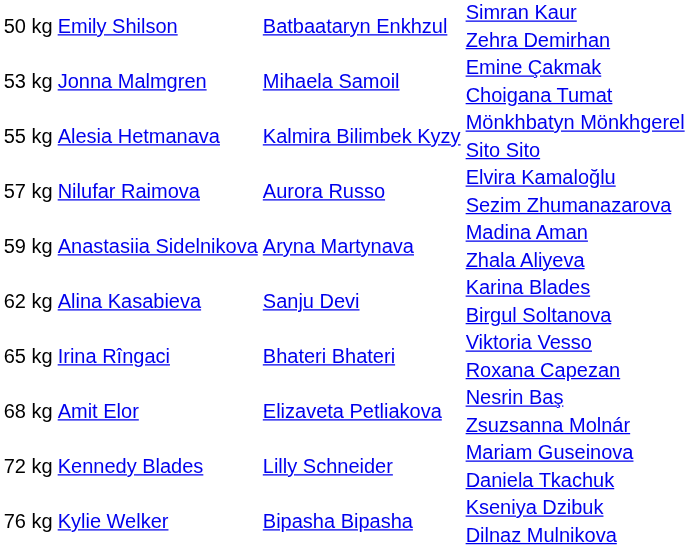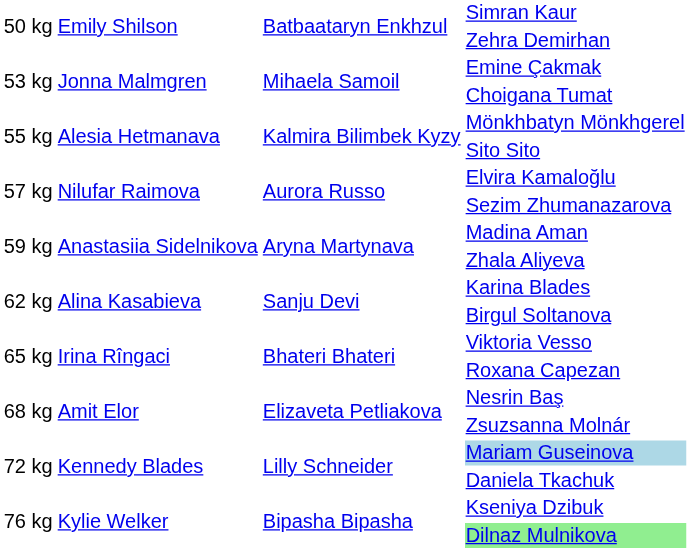 <table>
 <tr>
 <td rowspan=2>50 kg</td>
 <td rowspan=2> <a href='#'>Emily Shilson</a></td>
 <td rowspan=2> <a href='#'>Batbaataryn Enkhzul</a></td>
 <td> <a href='#'>Simran Kaur</a></td>
 </tr>
 <tr>
 <td> <a href='#'>Zehra Demirhan</a></td>
 </tr>
 <tr>
 <td rowspan=2>53 kg</td>
 <td rowspan=2> <a href='#'>Jonna Malmgren</a></td>
 <td rowspan=2> <a href='#'>Mihaela Samoil</a></td>
 <td> <a href='#'>Emine Çakmak</a></td>
 </tr>
 <tr>
 <td> <a href='#'>Choigana Tumat</a></td>
 </tr>
 <tr>
 <td rowspan=2>55 kg</td>
 <td rowspan=2> <a href='#'>Alesia Hetmanava</a></td>
 <td rowspan=2> <a href='#'>Kalmira Bilimbek Kyzy</a></td>
 <td> <a href='#'>Mönkhbatyn Mönkhgerel</a></td>
 </tr>
 <tr>
 <td> <a href='#'>Sito Sito</a></td>
 </tr>
 <tr>
 <td rowspan=2>57 kg</td>
 <td rowspan=2> <a href='#'>Nilufar Raimova</a></td>
 <td rowspan=2> <a href='#'>Aurora Russo</a></td>
 <td> <a href='#'>Elvira Kamaloğlu</a></td>
 </tr>
 <tr>
 <td> <a href='#'>Sezim Zhumanazarova</a></td>
 </tr>
 <tr>
 <td rowspan=2>59 kg</td>
 <td rowspan=2> <a href='#'>Anastasiia Sidelnikova</a></td>
 <td rowspan=2> <a href='#'>Aryna Martynava</a></td>
 <td> <a href='#'>Madina Aman</a></td>
 </tr>
 <tr>
 <td> <a href='#'>Zhala Aliyeva</a></td>
 </tr>
 <tr>
 <td rowspan=2>62 kg</td>
 <td rowspan=2> <a href='#'>Alina Kasabieva</a></td>
 <td rowspan=2> <a href='#'>Sanju Devi</a></td>
 <td> <a href='#'>Karina Blades</a></td>
 </tr>
 <tr>
 <td> <a href='#'>Birgul Soltanova</a></td>
 </tr>
 <tr>
 <td rowspan=2>65 kg</td>
 <td rowspan=2> <a href='#'>Irina Rîngaci</a></td>
 <td rowspan=2> <a href='#'>Bhateri Bhateri</a></td>
 <td> <a href='#'>Viktoria Vesso</a></td>
 </tr>
 <tr>
 <td> <a href='#'>Roxana Capezan</a></td>
 </tr>
 <tr>
 <td rowspan=2>68 kg</td>
 <td rowspan=2> <a href='#'>Amit Elor</a></td>
 <td rowspan=2> <a href='#'>Elizaveta Petliakova</a></td>
 <td> <a href='#'>Nesrin Baş</a></td>
 </tr>
 <tr>
 <td> <a href='#'>Zsuzsanna Molnár</a></td>
 </tr>
 <tr>
 <td rowspan=2>72 kg</td>
 <td rowspan=2> <a href='#'>Kennedy Blades</a></td>
 <td rowspan=2> <a href='#'>Lilly Schneider</a></td>
-<td> <a href='#'>Mariam Guseinova</a></td>
+<td style="background: lightblue;"> <a href='#'>Mariam Guseinova</a></td>
 </tr>
 <tr>
 <td> <a href='#'>Daniela Tkachuk</a></td>
 </tr>
 <tr>
 <td rowspan=2>76 kg</td>
 <td rowspan=2> <a href='#'>Kylie Welker</a></td>
 <td rowspan=2> <a href='#'>Bipasha Bipasha</a></td>
 <td> <a href='#'>Kseniya Dzibuk</a></td>
 </tr>
 <tr>
-<td> <a href='#'>Dilnaz Mulnikova</a></td>
+<td style="background: lightgreen;"> <a href='#'>Dilnaz Mulnikova</a></td>
 </tr>
 </table>
